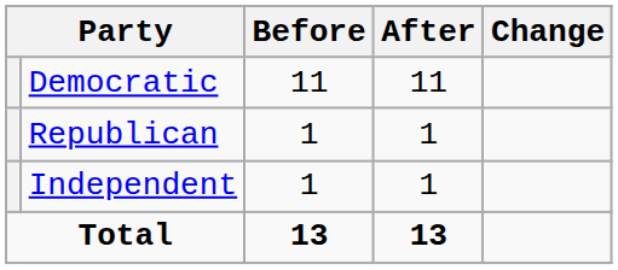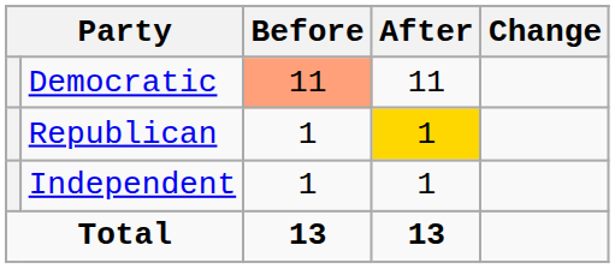 <table class="wikitable" style="text-align:center;">
 <tr>
 </tr>
 <tr>
 <th colspan=2>Party</th>
 <th>Before</th>
 <th>After</th>
 <th>Change</th>
 </tr>
 <tr>
 <th style="background-color:"></th>
 <td style="text-align:left;"><a href='#'>Democratic</a></td>
-<td>11</td>
+<td style="background: lightsalmon;">11</td>
 <td>11</td>
 <td></td>
 </tr>
 <tr>
 <th style="background-color:"></th>
 <td style="text-align:left;"><a href='#'>Republican</a></td>
 <td>1</td>
-<td>1</td>
+<td style="background: gold;">1</td>
 <td></td>
 </tr>
 <tr>
 <th style="background-color:"></th>
 <td style="text-align:left;"><a href='#'>Independent</a></td>
 <td>1</td>
 <td>1</td>
 <td></td>
 </tr>
 <tr>
 <td colspan=2><strong>Total</strong></td>
 <td><strong>13</strong></td>
 <td><strong>13</strong></td>
 <td></td>
 </tr>
 </table>
